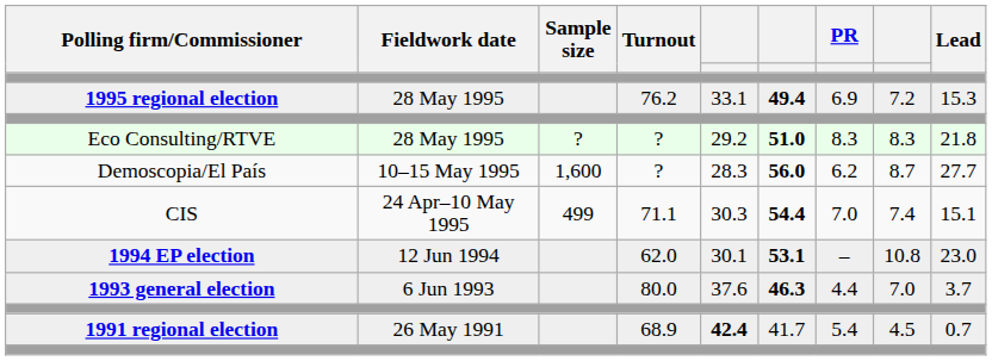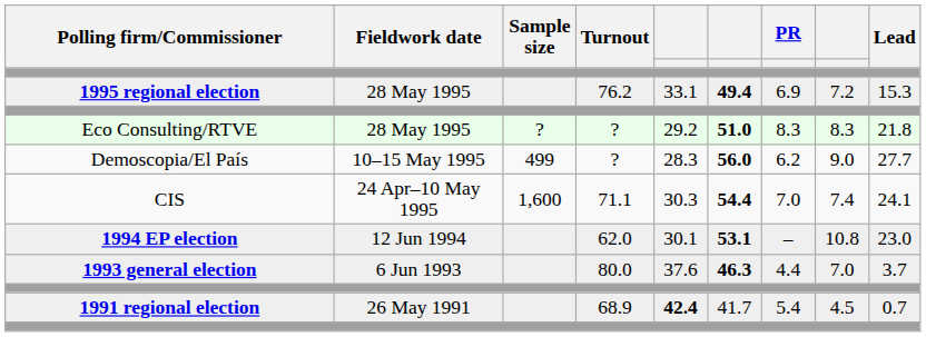 <table class="wikitable collapsible collapsed" style="text-align:center; font-size:95%; line-height:16px;">
 <tr style="height:42px;">
 <th style="width:250px;" rowspan="2">Polling firm/Commissioner</th>
 <th style="width:125px;" rowspan="2">Fieldwork date</th>
 <th style="width:50px;" rowspan="2">Sample size</th>
 <th style="width:45px;" rowspan="2">Turnout</th>
 <th style="width:35px;"></th>
 <th style="width:35px;"></th>
 <th style="width:35px;"><a href='#'>PR</a></th>
 <th style="width:35px;"></th>
 <th style="width:30px;" rowspan="2">Lead</th>
 </tr>
 <tr>
 <th style="color:inherit;background:"></th>
 <th style="color:inherit;background:"></th>
 <th style="color:inherit;background:"></th>
 <th style="color:inherit;background:"></th>
 </tr>
 <tr>
 <td colspan="9" style="background:#A0A0A0"></td>
 </tr>
 <tr style="background:#EFEFEF;">
 <td><strong><a href='#'>1995 regional election</a></strong></td>
 <td>28 May 1995</td>
 <td></td>
 <td>76.2</td>
 <td>33.1<br></td>
 <td><strong>49.4</strong><br></td>
 <td>6.9<br></td>
 <td>7.2<br></td>
 <td style="background:">15.3</td>
 </tr>
 <tr>
 <td colspan="9" style="background:#A0A0A0"></td>
 </tr>
 <tr style="background:#EAFFEA;">
 <td>Eco Consulting/RTVE</td>
 <td>28 May 1995</td>
 <td>?</td>
 <td>?</td>
 <td>29.2<br></td>
 <td><strong>51.0</strong><br></td>
 <td>8.3<br></td>
 <td>8.3<br></td>
 <td style="background:">21.8</td>
 </tr>
 <tr>
 <td>Demoscopia/El País</td>
 <td>10–15 May 1995</td>
-<td>1,600</td>
+<td>499</td>
 <td>?</td>
 <td>28.3<br></td>
 <td><strong>56.0</strong><br></td>
 <td>6.2<br></td>
-<td>8.7<br></td>
+<td>9.0<br></td>
 <td style="background:">27.7</td>
 </tr>
 <tr>
 <td>CIS</td>
 <td>24 Apr–10 May 1995</td>
-<td>499</td>
+<td>1,600</td>
 <td>71.1</td>
 <td>30.3</td>
 <td><strong>54.4</strong></td>
 <td>7.0</td>
 <td>7.4</td>
-<td style="background:">15.1</td>
+<td style="background:">24.1</td>
 </tr>
 <tr style="background:#EFEFEF;">
 <td><strong><a href='#'>1994 EP election</a></strong></td>
 <td>12 Jun 1994</td>
 <td></td>
 <td>62.0</td>
 <td>30.1<br></td>
 <td><strong>53.1</strong><br></td>
 <td>–</td>
 <td>10.8<br></td>
 <td style="background:">23.0</td>
 </tr>
 <tr style="background:#EFEFEF;">
 <td><strong><a href='#'>1993 general election</a></strong></td>
 <td>6 Jun 1993</td>
 <td></td>
 <td>80.0</td>
 <td>37.6<br></td>
 <td><strong>46.3</strong><br></td>
 <td>4.4<br></td>
 <td>7.0<br></td>
 <td style="background:">3.7</td>
 </tr>
 <tr>
 <td colspan="9" style="background:#A0A0A0"></td>
 </tr>
 <tr style="background:#EFEFEF;">
 <td><strong><a href='#'>1991 regional election</a></strong></td>
 <td>26 May 1991</td>
 <td></td>
 <td>68.9</td>
 <td><strong>42.4</strong><br></td>
 <td>41.7<br></td>
 <td>5.4<br></td>
 <td>4.5<br></td>
 <td style="background:">0.7</td>
 </tr>
 <tr>
 <td colspan="9" style="background:#A0A0A0"></td>
 </tr>
 </table>
